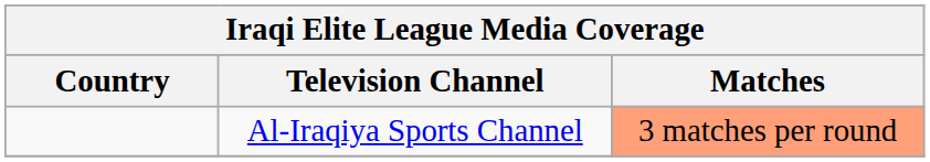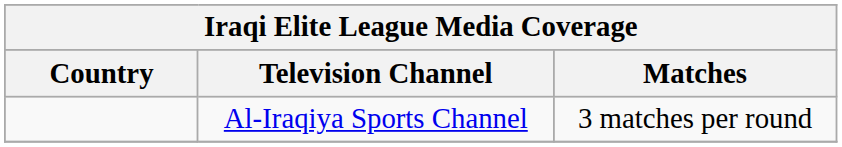 <table class="wikitable">
 <tr>
 <th colspan=3>Iraqi Elite League Media Coverage</th>
 </tr>
 <tr>
 <th style="width:100px;">Country</th>
 <th style="width:190px;">Television Channel</th>
 <th style="width:150px;">Matches</th>
 </tr>
 <tr>
 <td align=Center></td>
 <td align=Center><a href='#'>Al-Iraqiya Sports Channel</a></td>
-<td align=Center style="background: lightsalmon;">3 matches per round</td>
+<td align=Center>3 matches per round</td>
 </tr>
 <tr>
 </tr>
 </table>
